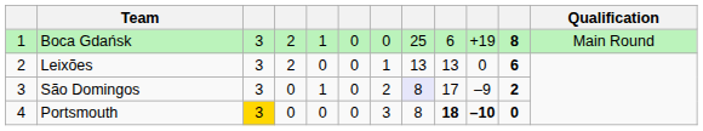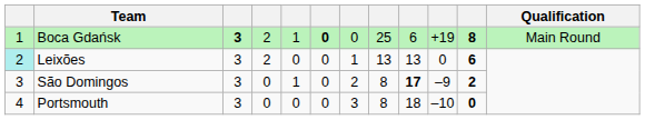 <table class="wikitable" style="font-size: 95%">
 <tr>
 <th width="25"></th>
 <th width="200">Team</th>
 <th width="25"></th>
 <th width="25"></th>
 <th width="25"></th>
 <th width="25"></th>
 <th width="25"></th>
 <th width="25"></th>
 <th width="25"></th>
 <th width="25"></th>
 <th width="25"></th>
 <th width="160">Qualification</th>
 </tr>
 <tr align=center bgcolor=#bbf3bb>
 <td>1</td>
 <td align=left> Boca Gdańsk</td>
-<td>3</td>
+<td><strong>3</strong></td>
 <td>2</td>
 <td>1</td>
-<td>0</td>
+<td><strong>0</strong></td>
 <td>0</td>
 <td>25</td>
 <td>6</td>
 <td>+19</td>
 <td><strong>8</strong></td>
 <td>Main Round</td>
 </tr>
 <tr align=center>
-<td>2</td>
+<td style="background: paleturquoise;">2</td>
 <td align=left> Leixões</td>
 <td>3</td>
 <td>2</td>
 <td>0</td>
 <td>0</td>
 <td>1</td>
 <td>13</td>
 <td>13</td>
 <td>0</td>
 <td><strong>6</strong></td>
 <td rowspan=3></td>
 </tr>
 <tr align=center>
 <td>3</td>
 <td align=left> São Domingos</td>
 <td>3</td>
 <td>0</td>
 <td>1</td>
 <td>0</td>
 <td>2</td>
-<td style="background: lavender;">8</td>
-<td>17</td>
+<td>8</td>
+<td><strong>17</strong></td>
 <td>–9</td>
 <td><strong>2</strong></td>
 </tr>
 <tr align=center>
 <td>4</td>
 <td align=left> Portsmouth</td>
-<td style="background: gold;">3</td>
+<td>3</td>
 <td>0</td>
 <td>0</td>
 <td>0</td>
 <td>3</td>
 <td>8</td>
-<td><strong>18</strong></td>
-<td><strong>–10</strong></td>
+<td>18</td>
+<td>–10</td>
 <td><strong>0</strong></td>
 </tr>
 </table>
